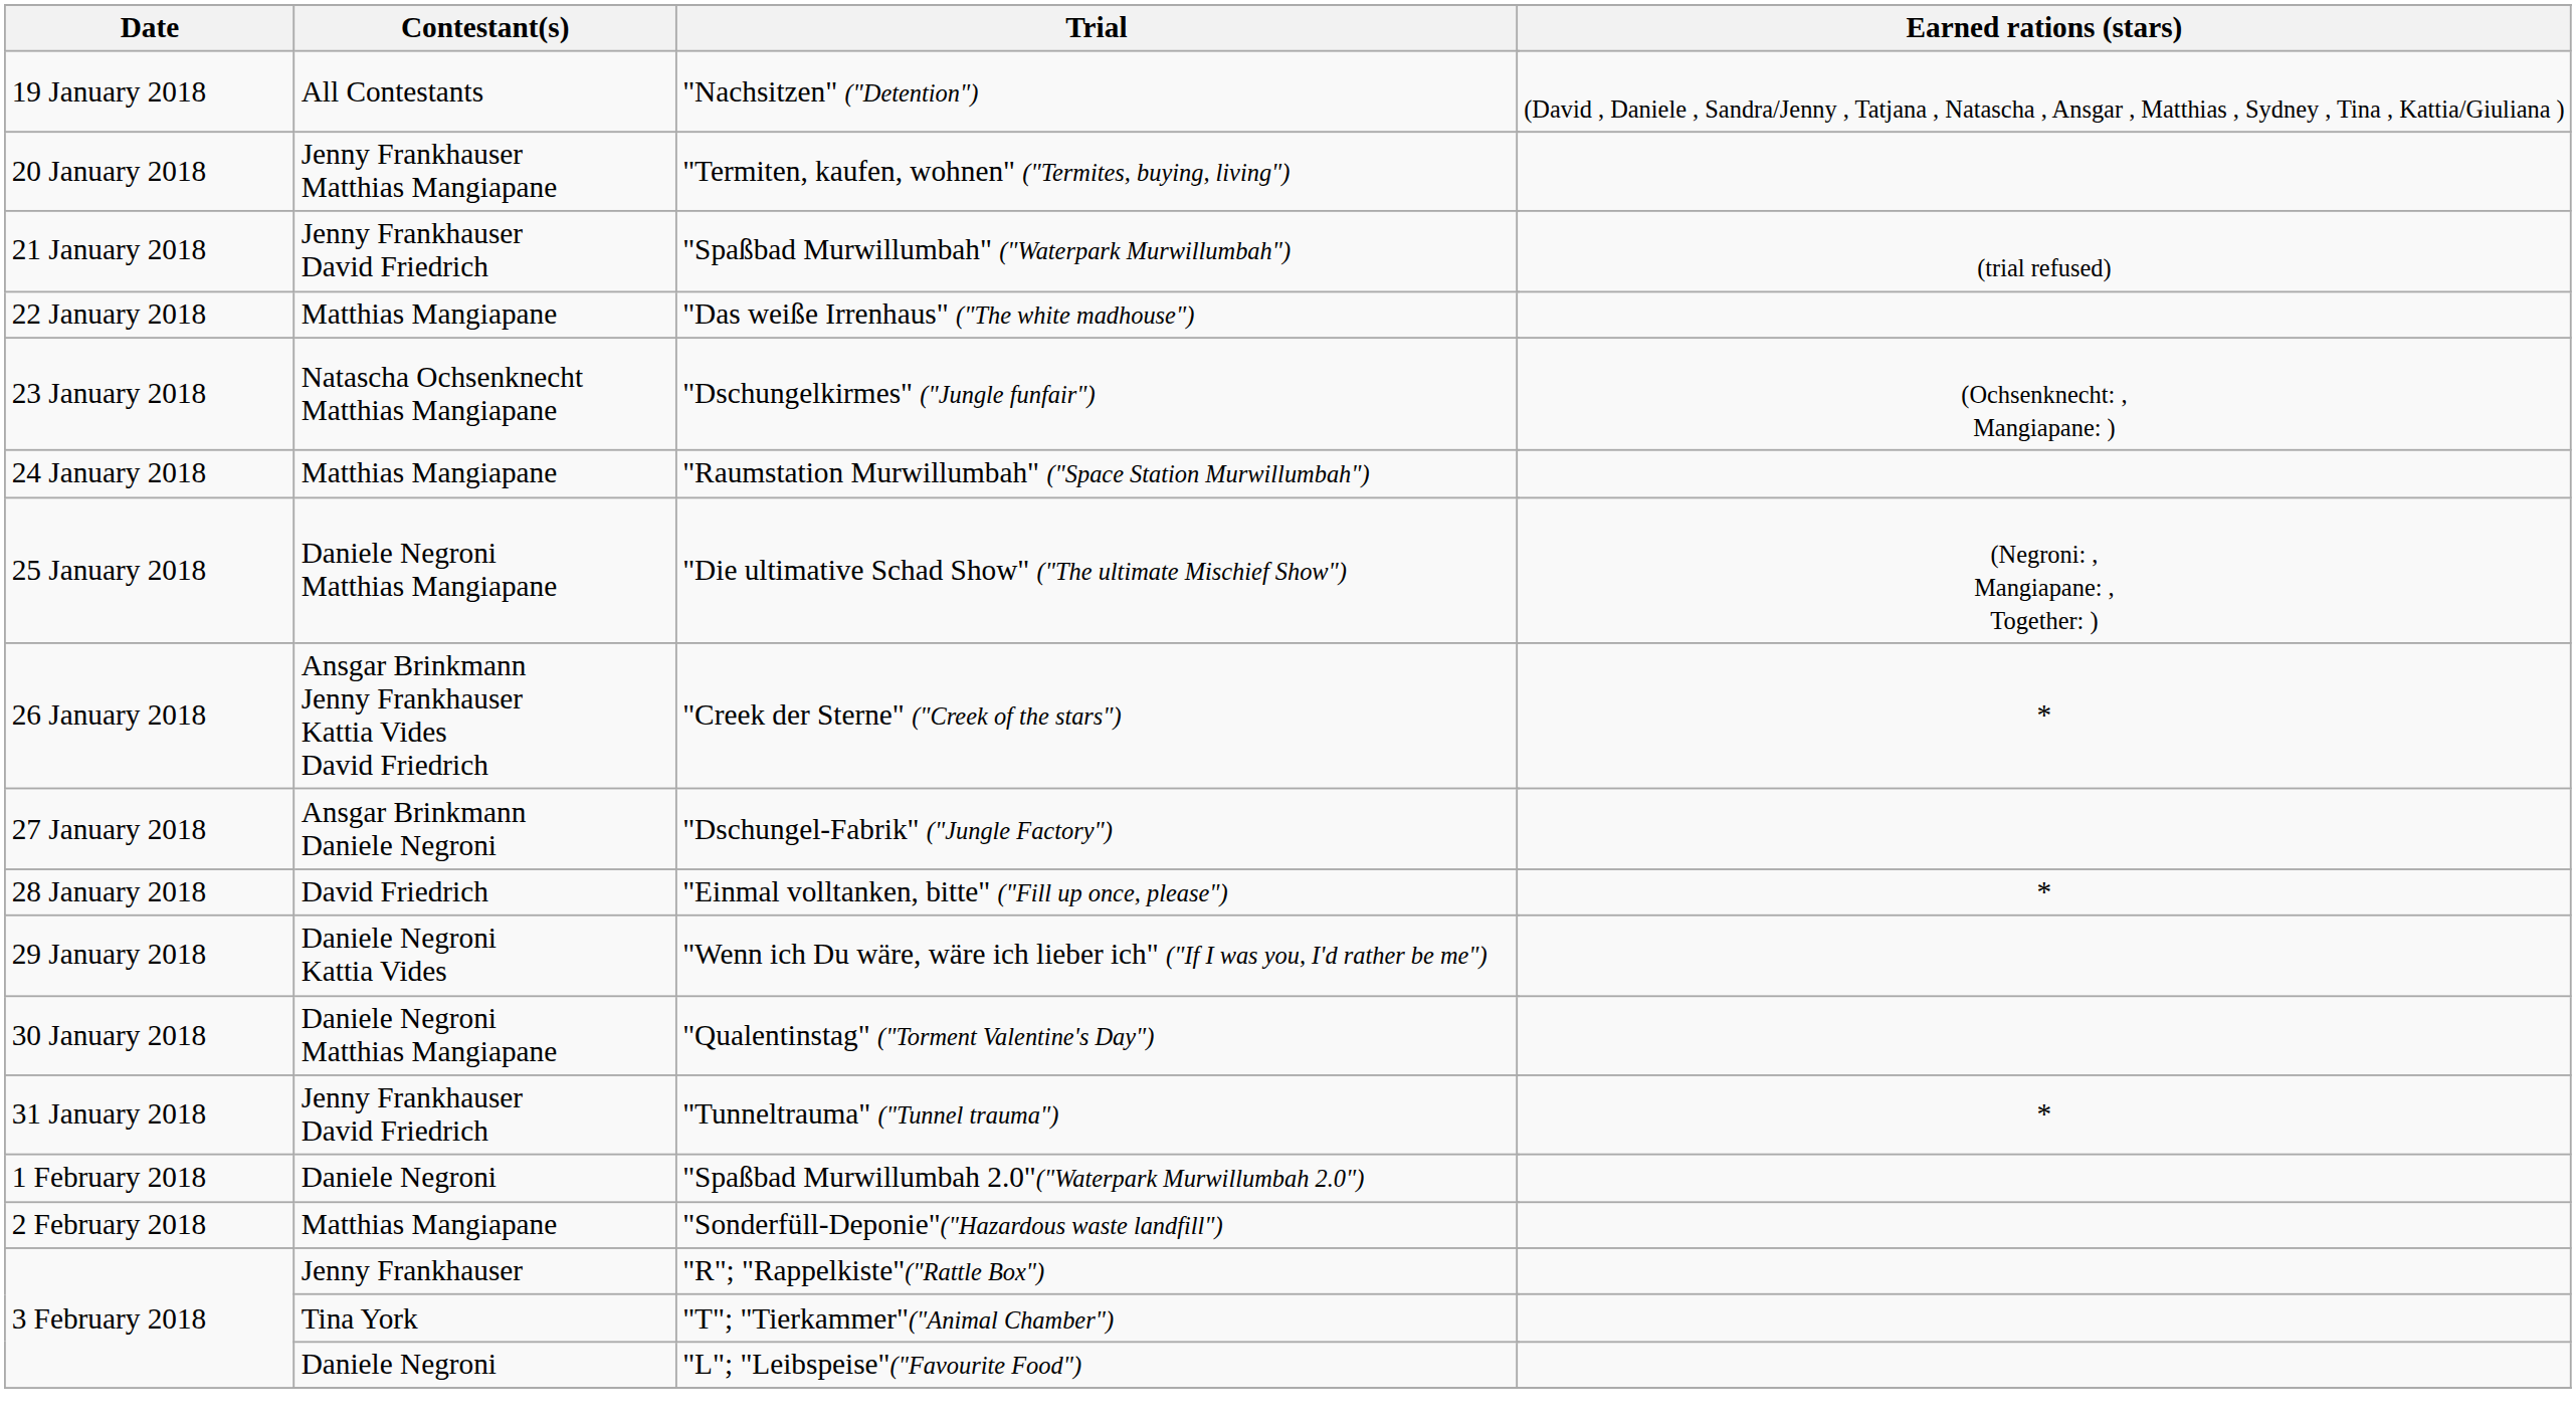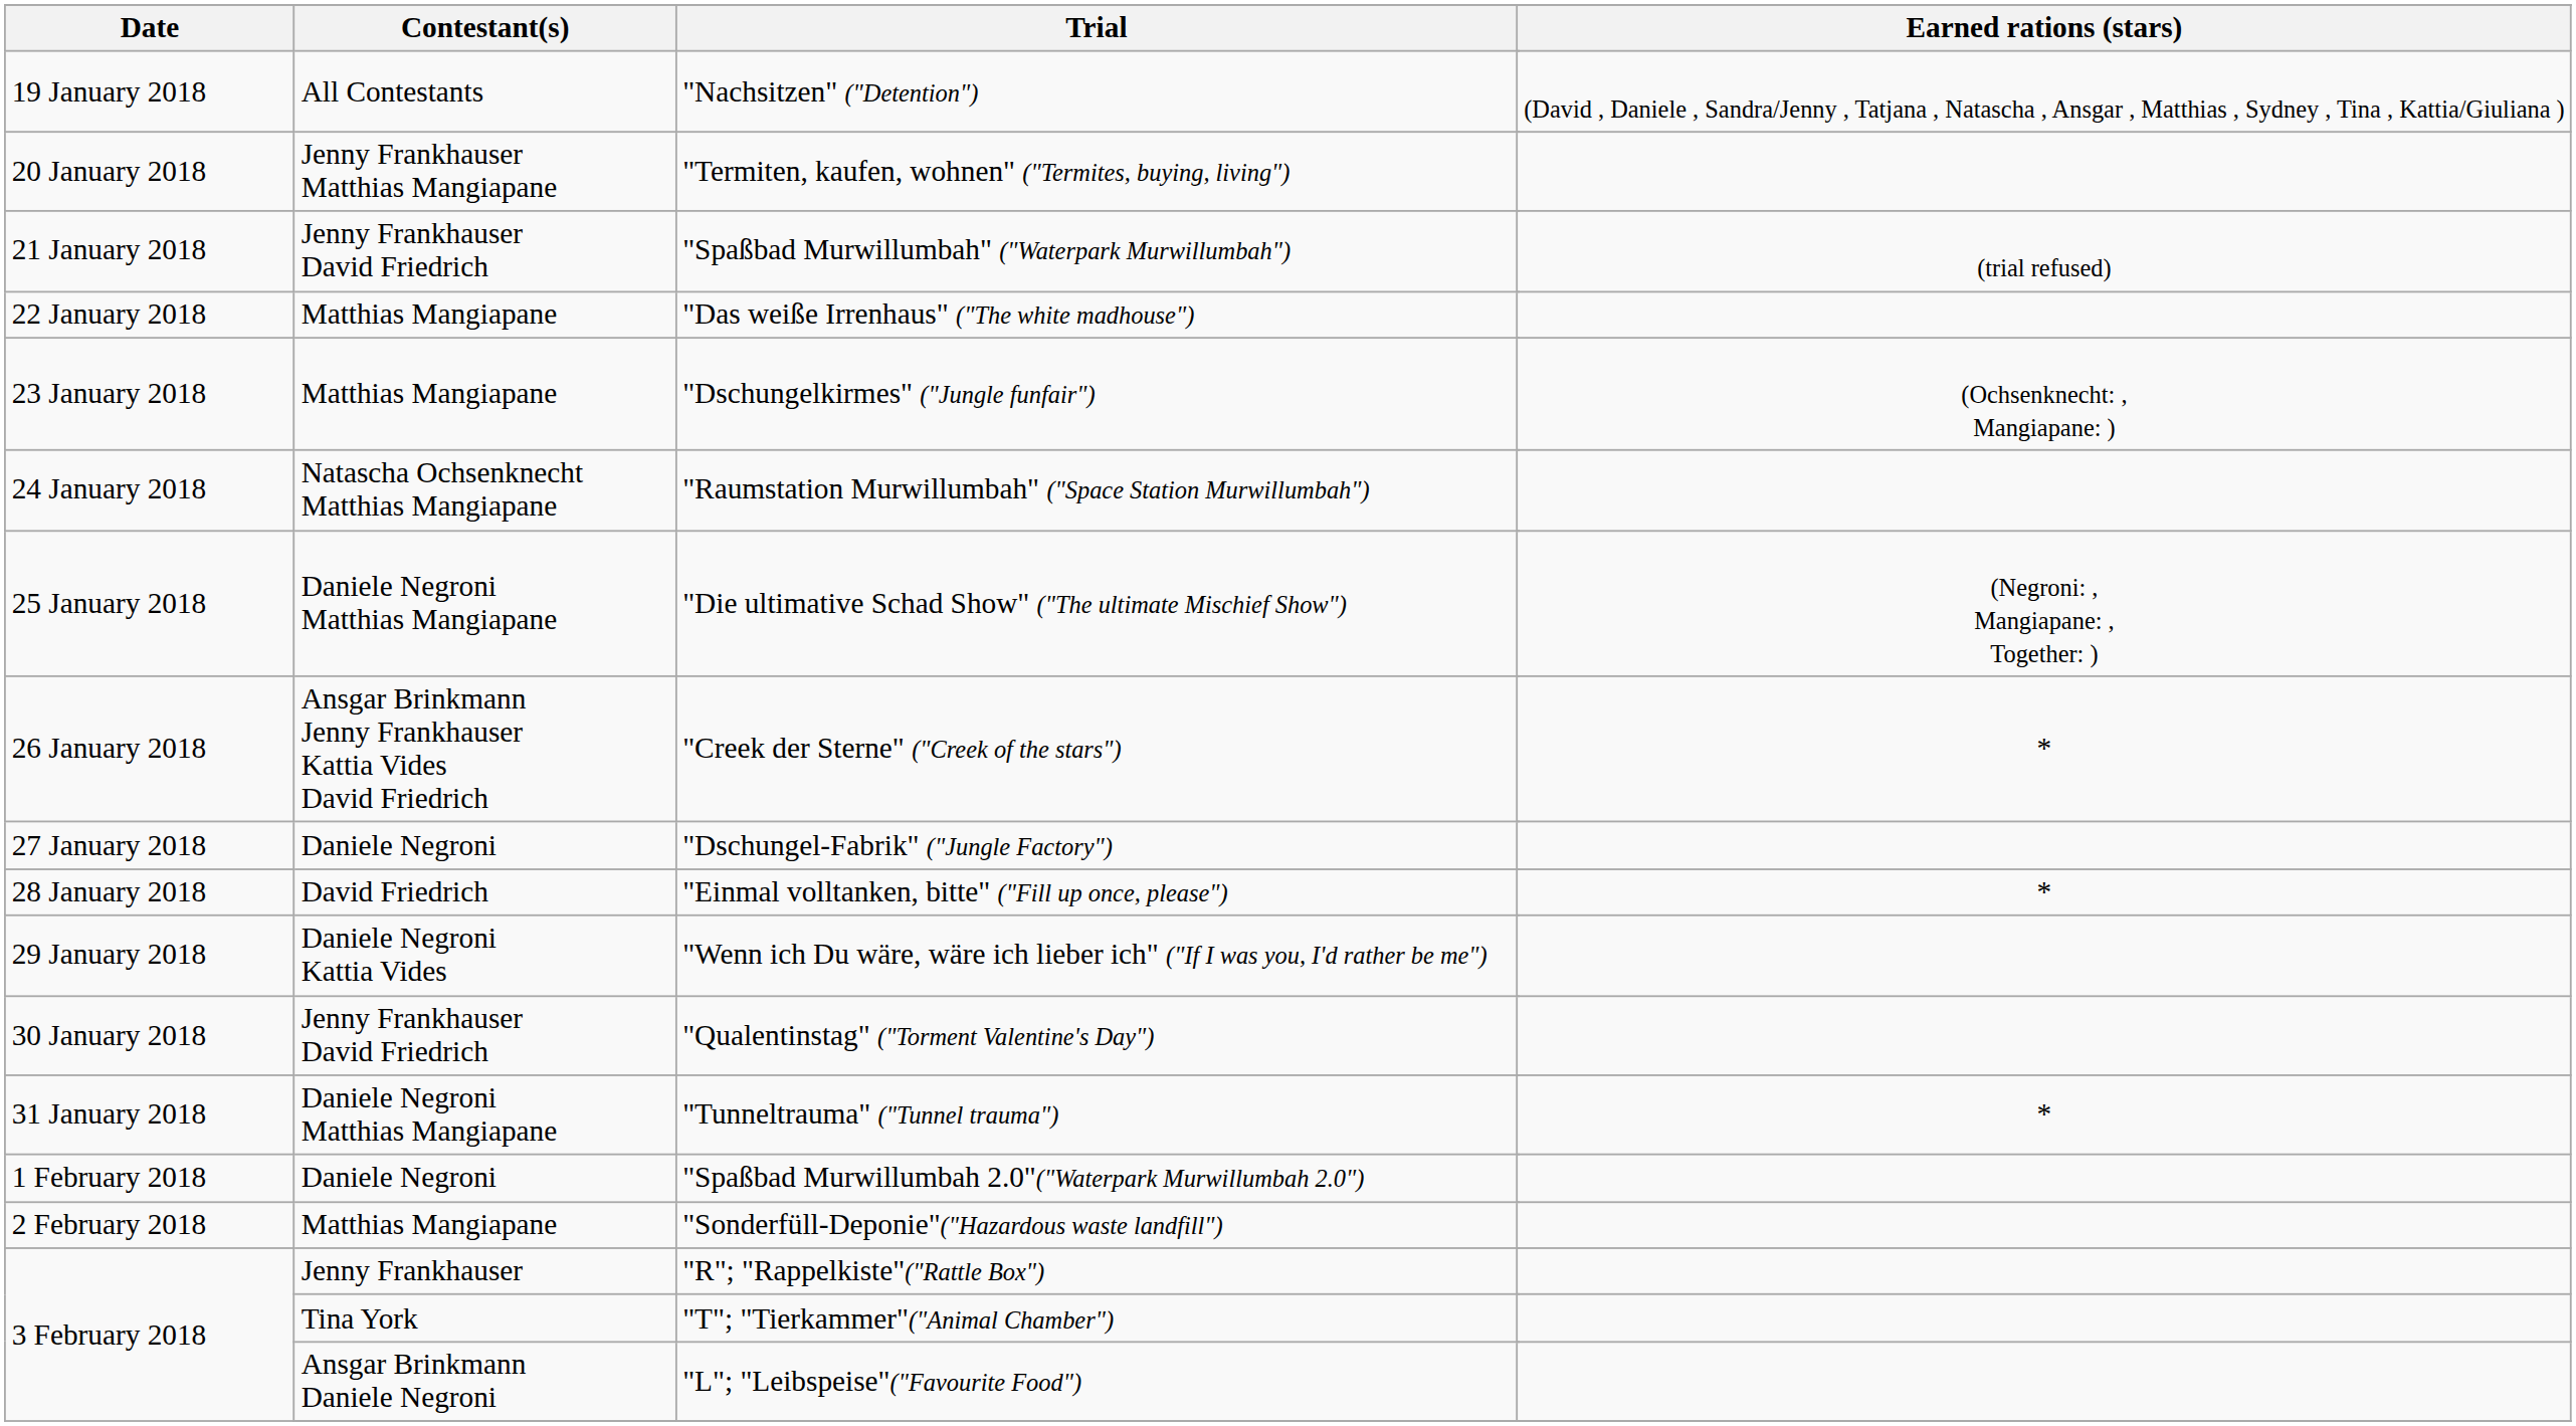 <table class="wikitable zebra">
 <tr>
 </tr>
 <tr class="hintergrundfarbe5">
 <th width="150">Date</th>
 <th width="200">Contestant(s)</th>
 <th colspan="2" width="450">Trial</th>
 <th colspan="2" width="200">Earned rations (stars)</th>
 </tr>
 <tr>
 <td>19 January 2018</td>
 <td>All Contestants</td>
 <td colspan="2">"Nachsitzen" <small><em>("Detention")</em></small></td>
 <td colspan="2" style=";text-align:center;"> <br> <small>(David , Daniele , Sandra/Jenny , Tatjana , Natascha , Ansgar , Matthias , Sydney , Tina , Kattia/Giuliana )</small></td>
 </tr>
 <tr>
 <td>20 January 2018</td>
 <td>Jenny Frankhauser<br>Matthias Mangiapane</td>
 <td colspan="2">"Termiten, kaufen, wohnen" <small><em>("Termites, buying, living")</em></small></td>
 <td colspan="2" style=";text-align:center;"></td>
 </tr>
 <tr>
 <td>21 January 2018</td>
 <td>Jenny Frankhauser<br>David Friedrich</td>
 <td colspan="2">"Spaßbad Murwillumbah" <small><em>("Waterpark Murwillumbah")</em></small></td>
 <td colspan="2" style=";text-align:center;"><br><small>(trial refused)</small></td>
 </tr>
 <tr>
 <td>22 January 2018</td>
 <td>Matthias Mangiapane</td>
 <td colspan="2">"Das weiße Irrenhaus" <small><em>("The white madhouse")</em></small></td>
 <td colspan="2" style=";text-align:center;"></td>
 </tr>
 <tr>
 <td>23 January 2018</td>
-<td>Natascha Ochsenknecht<br>Matthias Mangiapane</td>
+<td>Matthias Mangiapane</td>
 <td colspan="2">"Dschungelkirmes" <small><em>("Jungle funfair")</em></small></td>
 <td colspan="2" style=";text-align:center;"><br><small>(Ochsenknecht: ,</small><br><small>Mangiapane: )</small></td>
 </tr>
 <tr>
 <td>24 January 2018</td>
-<td>Matthias Mangiapane</td>
+<td>Natascha Ochsenknecht<br>Matthias Mangiapane</td>
 <td colspan="2">"Raumstation Murwillumbah" <small><em>("Space Station Murwillumbah")</em></small></td>
 <td colspan="2" style=";text-align:center;"></td>
 </tr>
 <tr>
 <td>25 January 2018</td>
 <td>Daniele Negroni<br>Matthias Mangiapane</td>
 <td colspan="2">"Die ultimative Schad Show" <small><em>("The ultimate Mischief Show")</em></small></td>
 <td colspan="2" style=";text-align:center;"><br><small>(Negroni: ,</small><br><small>Mangiapane: ,</small><br><small>Together: )</small></td>
 </tr>
 <tr>
 <td>26 January 2018</td>
 <td>Ansgar Brinkmann<br>Jenny Frankhauser<br>Kattia Vides<br>David Friedrich</td>
 <td colspan="2">"Creek der Sterne" <small><em>("Creek of the stars")</em></small></td>
 <td colspan="2" style=";text-align:center;">*</td>
 </tr>
 <tr>
 <td>27 January 2018</td>
-<td>Ansgar Brinkmann<br>Daniele Negroni</td>
+<td>Daniele Negroni</td>
 <td colspan="2">"Dschungel-Fabrik" <small><em>("Jungle Factory")</em></small></td>
 <td colspan="2" style=";text-align:center;"></td>
 </tr>
 <tr>
 <td>28 January 2018</td>
 <td>David Friedrich</td>
 <td colspan="2">"Einmal volltanken, bitte" <small><em>("Fill up once, please")</em></small></td>
 <td colspan="2" style=";text-align:center;">*</td>
 </tr>
 <tr>
 <td>29 January 2018</td>
 <td>Daniele Negroni<br>Kattia Vides</td>
 <td colspan="2">"Wenn ich Du wäre, wäre ich lieber ich" <small><em>("If I was you, I'd rather be me")</em></small></td>
 <td colspan="2" style=";text-align:center;"></td>
 </tr>
 <tr>
 <td>30 January 2018</td>
-<td>Daniele Negroni<br>Matthias Mangiapane</td>
+<td>Jenny Frankhauser<br>David Friedrich</td>
 <td colspan="2">"Qualentinstag" <small><em>("Torment Valentine's Day")</em></small></td>
 <td colspan="2" style=";text-align:center;"></td>
 </tr>
 <tr>
 <td>31 January 2018</td>
-<td>Jenny Frankhauser<br>David Friedrich</td>
+<td>Daniele Negroni<br>Matthias Mangiapane</td>
 <td colspan="2">"Tunneltrauma" <small><em>("Tunnel trauma")</em></small></td>
 <td colspan="2" style=";text-align:center;">*</td>
 </tr>
 <tr>
 <td>1 February 2018</td>
 <td>Daniele Negroni</td>
 <td colspan="2">"Spaßbad Murwillumbah 2.0"<small><em>("Waterpark Murwillumbah 2.0")</em></small></td>
 <td colspan="2" style=";text-align:center;"></td>
 </tr>
 <tr>
 <td>2 February 2018</td>
 <td>Matthias Mangiapane</td>
 <td colspan="2">"Sonderfüll-Deponie"<small><em>("Hazardous waste landfill")</em></small></td>
 <td colspan="2" style=";text-align:center;"></td>
 </tr>
 <tr>
 <td rowspan=4>3 February 2018</td>
 <td>Jenny Frankhauser</td>
 <td colspan="2">"R"; "Rappelkiste"<small><em>("Rattle Box")</em></small></td>
 <td colspan="2" style=";text-align:center;"></td>
 </tr>
 <tr>
 <td>Tina York</td>
 <td colspan="2">"T"; "Tierkammer"<small><em>("Animal Chamber")</em></small></td>
 <td colspan="2" style=";text-align:center;"></td>
 </tr>
 <tr>
-<td>Daniele Negroni</td>
+<td>Ansgar Brinkmann<br>Daniele Negroni</td>
 <td colspan="2">"L"; "Leibspeise"<small><em>("Favourite Food")</em></small></td>
 <td colspan="2" style=";text-align:center;"></td>
 </tr>
 <tr>
 </tr>
 </table>
